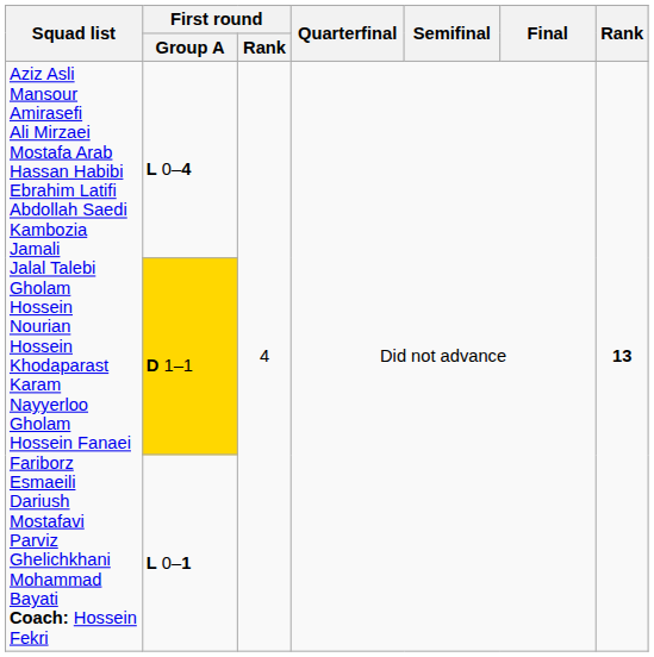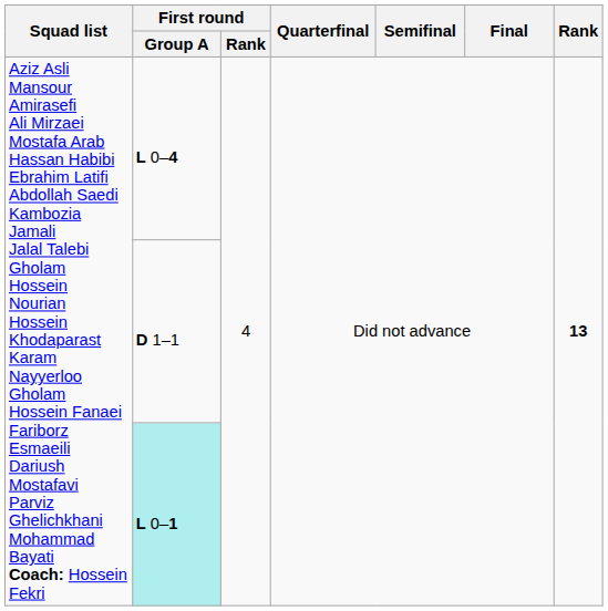 <table class="wikitable" width="85%" style="text-align:left; font-size:90%">
 <tr>
 <th rowspan="2" width="20%">Squad list</th>
 <th colspan="2">First round</th>
 <th rowspan="2" width="14%">Quarterfinal</th>
 <th rowspan="2" width="14%">Semifinal</th>
 <th rowspan="2" width="14%">Final</th>
 <th rowspan="2" width="5%">Rank</th>
 </tr>
 <tr>
 <th width="14%">Group A</th>
 <th width="5%">Rank</th>
 </tr>
 <tr>
 <td rowspan="3"><a href='#'>Aziz Asli</a><br><a href='#'>Mansour Amirasefi</a><br><a href='#'>Ali Mirzaei</a><br><a href='#'>Mostafa Arab</a><br><a href='#'>Hassan Habibi</a><br><a href='#'>Ebrahim Latifi</a><br><a href='#'>Abdollah Saedi</a><br><a href='#'>Kambozia Jamali</a><br><a href='#'>Jalal Talebi</a><br><a href='#'>Gholam Hossein Nourian</a><br><a href='#'>Hossein Khodaparast</a><br><a href='#'>Karam Nayyerloo</a><br><a href='#'>Gholam Hossein Fanaei</a><br><a href='#'>Fariborz Esmaeili</a><br><a href='#'>Dariush Mostafavi</a><br><a href='#'>Parviz Ghelichkhani</a><br><a href='#'>Mohammad Bayati</a><br> <strong>Coach:</strong> <a href='#'>Hossein Fekri</a></td>
 <td><br><strong>L</strong> 0–<strong>4</strong></td>
 <td rowspan="3" align=center>4</td>
 <td colspan=3 rowspan="3" align=center>Did not advance</td>
 <td rowspan="3" align="center"><strong>13</strong></td>
 </tr>
 <tr>
-<td style="background: gold;"><br><strong>D</strong> 1–1</td>
+<td><br><strong>D</strong> 1–1</td>
 </tr>
 <tr>
-<td><br><strong>L</strong> 0–<strong>1</strong></td>
+<td style="background: paleturquoise;"><br><strong>L</strong> 0–<strong>1</strong></td>
 </tr>
 </table>
